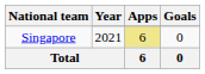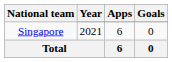 <table class="wikitable" style="text-align:center">
 <tr>
 <th>National team</th>
 <th>Year</th>
 <th>Apps</th>
 <th>Goals</th>
 </tr>
 <tr>
 <td rowspan="2"><a href='#'>Singapore</a></td>
 </tr>
 <tr>
 <td>2021</td>
-<td style="background: khaki;">6</td>
+<td>6</td>
 <td>0</td>
 </tr>
 <tr>
 <th colspan="2">Total</th>
 <th>6</th>
 <th>0</th>
 </tr>
 </table>
